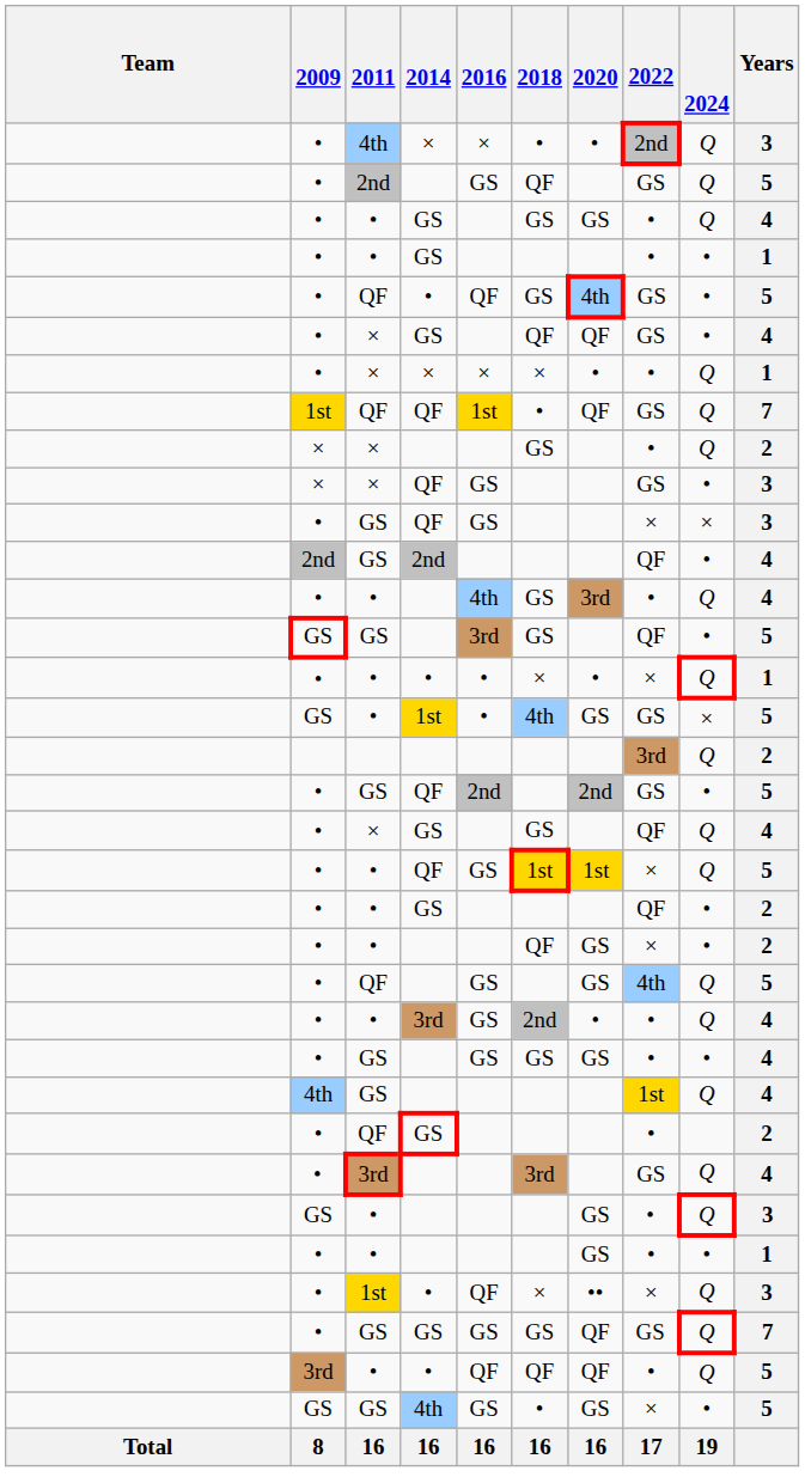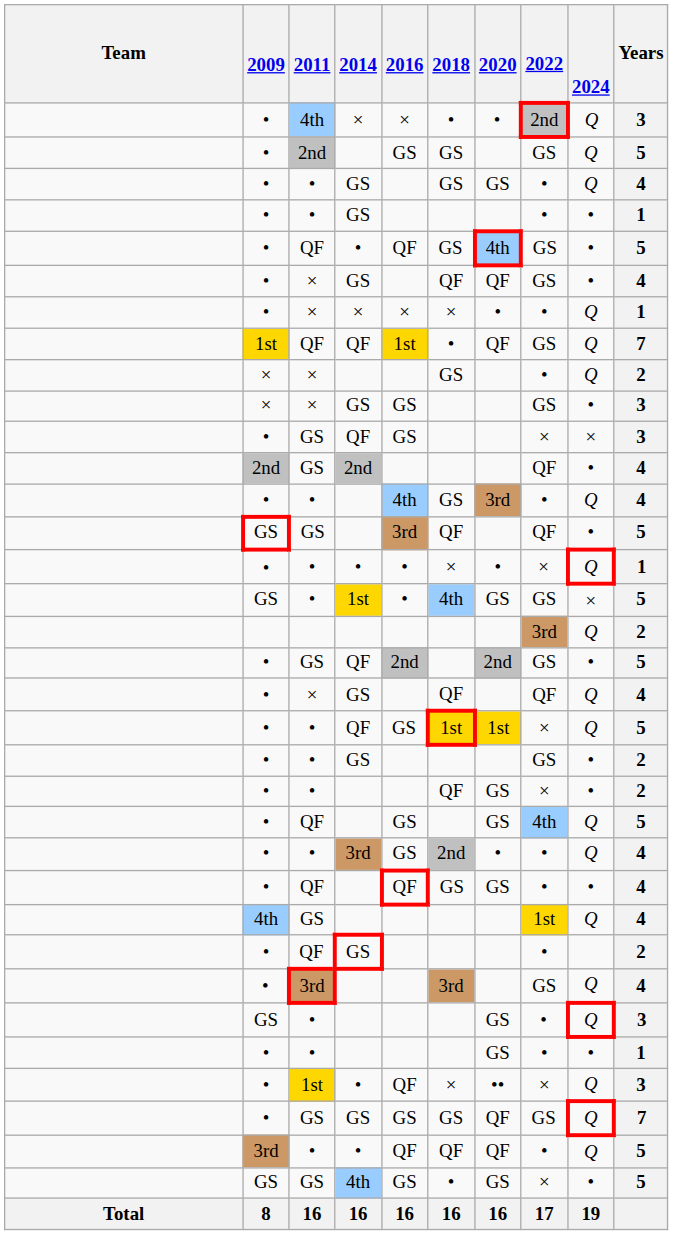 <table class="wikitable" style="text-align:center; font-size:90%">
 <tr>
 <th width=175>Team</th>
 <th><br><a href='#'>2009</a></th>
 <th><br><a href='#'>2011</a></th>
 <th><br><a href='#'>2014</a></th>
 <th><br><a href='#'>2016</a></th>
 <th><br><a href='#'>2018</a></th>
 <th><br><a href='#'>2020</a></th>
 <th><br><a href='#'>2022</a></th>
 <th><br><br><br><a href='#'>2024</a></th>
 <th>Years</th>
 </tr>
 <tr>
 <td align=left></td>
 <td>•</td>
 <td bgcolor=#9acdff>4th</td>
 <td>×</td>
 <td>×</td>
 <td>•</td>
 <td>•</td>
 <td style="border: 3px solid red" bgcolor=Silver>2nd</td>
 <td><em>Q</em></td>
 <th>3</th>
 </tr>
 <tr>
 <td align=left></td>
 <td>•</td>
 <td bgcolor=Silver>2nd</td>
 <td></td>
 <td>GS</td>
-<td>QF</td>
+<td>GS</td>
 <td></td>
 <td>GS</td>
 <td><em>Q</em></td>
 <th>5</th>
 </tr>
 <tr>
 <td align=left></td>
 <td>•</td>
 <td>•</td>
 <td>GS</td>
 <td></td>
 <td>GS</td>
 <td>GS</td>
 <td>•</td>
 <td><em>Q</em></td>
 <th>4</th>
 </tr>
 <tr>
 <td align=left></td>
 <td>•</td>
 <td>•</td>
 <td>GS</td>
 <td></td>
 <td></td>
 <td></td>
 <td>•</td>
 <td>•</td>
 <th>1</th>
 </tr>
 <tr>
 <td align=left></td>
 <td>•</td>
 <td>QF</td>
 <td>•</td>
 <td>QF</td>
 <td>GS</td>
 <td style="border: 3px solid red" bgcolor=#9acdff>4th</td>
 <td>GS</td>
 <td>•</td>
 <th>5</th>
 </tr>
 <tr>
 <td align=left></td>
 <td>•</td>
 <td>×</td>
 <td>GS</td>
 <td></td>
 <td>QF</td>
 <td>QF</td>
 <td>GS</td>
 <td>•</td>
 <th>4</th>
 </tr>
 <tr>
 <td align=left></td>
 <td>•</td>
 <td>×</td>
 <td>×</td>
 <td>×</td>
 <td>×</td>
 <td>•</td>
 <td>•</td>
 <td><em>Q</em></td>
 <th>1</th>
 </tr>
 <tr>
 <td align=left></td>
 <td bgcolor=Gold>1st</td>
 <td>QF</td>
 <td>QF</td>
 <td bgcolor=Gold>1st</td>
 <td>•</td>
 <td>QF</td>
 <td>GS</td>
 <td><em>Q</em></td>
 <th>7</th>
 </tr>
 <tr>
 <td align=left></td>
 <td>×</td>
 <td>×</td>
 <td></td>
 <td></td>
 <td>GS</td>
 <td></td>
 <td>•</td>
 <td><em>Q</em></td>
 <th>2</th>
 </tr>
 <tr>
 <td align=left></td>
 <td>×</td>
 <td>×</td>
-<td>QF</td>
+<td>GS</td>
 <td>GS</td>
 <td></td>
 <td></td>
 <td>GS</td>
 <td>•</td>
 <th>3</th>
 </tr>
 <tr>
 <td align=left></td>
 <td>•</td>
 <td>GS</td>
 <td>QF</td>
 <td>GS</td>
 <td></td>
 <td></td>
 <td>×</td>
 <td>×</td>
 <th>3</th>
 </tr>
 <tr>
 <td align=left></td>
 <td bgcolor=Silver>2nd</td>
 <td>GS</td>
 <td bgcolor=Silver>2nd</td>
 <td></td>
 <td></td>
 <td></td>
 <td>QF</td>
 <td>•</td>
 <th>4</th>
 </tr>
 <tr>
 <td align=left></td>
 <td>•</td>
 <td>•</td>
 <td></td>
 <td bgcolor=#9acdff>4th</td>
 <td>GS</td>
 <td bgcolor=#cc9966>3rd</td>
 <td>•</td>
 <td><em>Q</em></td>
 <th>4</th>
 </tr>
 <tr>
 <td align=left></td>
 <td style="border: 3px solid red">GS</td>
 <td>GS</td>
 <td></td>
 <td bgcolor=#cc9966>3rd</td>
-<td>GS</td>
+<td>QF</td>
 <td></td>
 <td>QF</td>
 <td>•</td>
 <th>5</th>
 </tr>
 <tr>
 <td align=left></td>
 <td>•</td>
 <td>•</td>
 <td>•</td>
 <td>•</td>
 <td>×</td>
 <td>•</td>
 <td>×</td>
 <td style="border: 3px solid red"><em>Q</em></td>
 <th>1</th>
 </tr>
 <tr>
 <td align=left></td>
 <td>GS</td>
 <td>•</td>
 <td bgcolor=Gold>1st</td>
 <td>•</td>
 <td bgcolor=#9acdff>4th</td>
 <td>GS</td>
 <td>GS</td>
 <td>×</td>
 <th>5</th>
 </tr>
 <tr>
 <td align=left></td>
 <td></td>
 <td></td>
 <td></td>
 <td></td>
 <td></td>
 <td></td>
 <td bgcolor=#cc9966>3rd</td>
 <td><em>Q</em></td>
 <th>2</th>
 </tr>
 <tr>
 <td align=left></td>
 <td>•</td>
 <td>GS</td>
 <td>QF</td>
 <td bgcolor=Silver>2nd</td>
 <td></td>
 <td bgcolor=Silver>2nd</td>
 <td>GS</td>
 <td>•</td>
 <th>5</th>
 </tr>
 <tr>
 <td align=left></td>
 <td>•</td>
 <td>×</td>
 <td>GS</td>
 <td></td>
-<td>GS</td>
+<td>QF</td>
 <td></td>
 <td>QF</td>
 <td><em>Q</em></td>
 <th>4</th>
 </tr>
 <tr>
 <td align=left></td>
 <td>•</td>
 <td>•</td>
 <td>QF</td>
 <td>GS</td>
 <td style="border: 3px solid red" bgcolor=Gold>1st</td>
 <td bgcolor=Gold>1st</td>
 <td>×</td>
 <td><em>Q</em></td>
 <th>5</th>
 </tr>
 <tr>
 <td align=left></td>
 <td>•</td>
 <td>•</td>
 <td>GS</td>
 <td></td>
 <td></td>
 <td></td>
-<td>QF</td>
+<td>GS</td>
 <td>•</td>
 <th>2</th>
 </tr>
 <tr>
 <td align=left></td>
 <td>•</td>
 <td>•</td>
 <td></td>
 <td></td>
 <td>QF</td>
 <td>GS</td>
 <td>×</td>
 <td>•</td>
 <th>2</th>
 </tr>
 <tr>
 <td align=left></td>
 <td>•</td>
 <td>QF</td>
 <td></td>
 <td>GS</td>
 <td></td>
 <td>GS</td>
 <td bgcolor=#9acdff>4th</td>
 <td><em>Q</em></td>
 <th>5</th>
 </tr>
 <tr>
 <td align=left></td>
 <td>•</td>
 <td>•</td>
 <td bgcolor=#cc9966>3rd</td>
 <td>GS</td>
 <td bgcolor=Silver>2nd</td>
 <td>•</td>
 <td>•</td>
 <td><em>Q</em></td>
 <th>4</th>
 </tr>
 <tr>
 <td align=left></td>
 <td>•</td>
-<td>GS</td>
+<td>QF</td>
 <td></td>
-<td>GS</td>
+<td style="border: 3px solid red">QF</td>
 <td>GS</td>
 <td>GS</td>
 <td>•</td>
 <td>•</td>
 <th>4</th>
 </tr>
 <tr>
 <td align=left></td>
 <td bgcolor=#9acdff>4th</td>
 <td>GS</td>
 <td></td>
 <td></td>
 <td></td>
 <td></td>
 <td bgcolor=Gold>1st</td>
 <td><em>Q</em></td>
 <th>4</th>
 </tr>
 <tr>
 <td align=left></td>
 <td>•</td>
 <td>QF</td>
 <td style="border: 3px solid red">GS</td>
 <td></td>
 <td></td>
 <td></td>
 <td>•</td>
 <td></td>
 <th>2</th>
 </tr>
 <tr>
 <td align=left></td>
 <td>•</td>
 <td style="border: 3px solid red" bgcolor=#cc9966>3rd</td>
 <td></td>
 <td></td>
 <td bgcolor="#cc9966">3rd</td>
 <td></td>
 <td>GS</td>
 <td><em>Q</em></td>
 <th>4</th>
 </tr>
 <tr>
 <td align=left></td>
 <td>GS</td>
 <td>•</td>
 <td></td>
 <td></td>
 <td></td>
 <td>GS</td>
 <td>•</td>
 <td style="border: 3px solid red"><em>Q</em></td>
 <th>3</th>
 </tr>
 <tr>
 <td align=left></td>
 <td>•</td>
 <td>•</td>
 <td></td>
 <td></td>
 <td></td>
 <td>GS</td>
 <td>•</td>
 <td>•</td>
 <th>1</th>
 </tr>
 <tr>
 <td align=left></td>
 <td>•</td>
 <td bgcolor=Gold>1st</td>
 <td>•</td>
 <td>QF</td>
 <td>×</td>
 <td>••</td>
 <td>×</td>
 <td><em>Q</em></td>
 <th>3</th>
 </tr>
 <tr>
 <td align=left></td>
 <td>•</td>
 <td>GS</td>
 <td>GS</td>
 <td>GS</td>
 <td>GS</td>
 <td>QF</td>
 <td>GS</td>
 <td style="border: 3px solid red"><em>Q</em></td>
 <th>7</th>
 </tr>
 <tr>
 <td align=left></td>
 <td bgcolor="#cc9966">3rd</td>
 <td>•</td>
 <td>•</td>
 <td>QF</td>
 <td>QF</td>
 <td>QF</td>
 <td>•</td>
 <td><em>Q</em></td>
 <th>5</th>
 </tr>
 <tr>
 <td align=left></td>
 <td>GS</td>
 <td>GS</td>
 <td bgcolor="#9acdff">4th</td>
 <td>GS</td>
 <td>•</td>
 <td>GS</td>
 <td>×</td>
 <td>•</td>
 <th>5</th>
 </tr>
 <tr>
 <th>Total</th>
 <th>8</th>
 <th>16</th>
 <th>16</th>
 <th>16</th>
 <th>16</th>
 <th>16</th>
 <th>17</th>
 <th>19</th>
 <th></th>
 </tr>
 </table>
